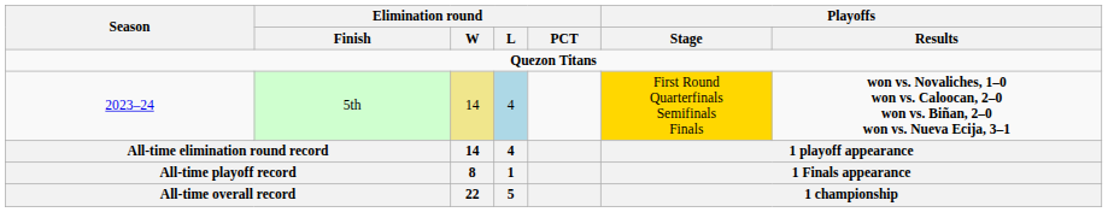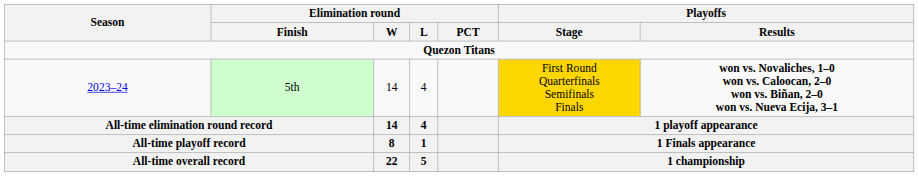 <table class=wikitable style="width:100%; text-align:center">
 <tr>
 <th rowspan=2>Season</th>
 <th colspan=4>Elimination round</th>
 <th colspan=2>Playoffs</th>
 </tr>
 <tr>
 <th>Finish</th>
 <th>W</th>
 <th>L</th>
 <th>PCT</th>
 <th>Stage</th>
 <th>Results</th>
 </tr>
 <tr>
 <td colspan=10><span><strong>Quezon Titans</strong></span></td>
 </tr>
 <tr>
 <td><a href='#'>2023–24</a> <br> </td>
 <td bgcolor="#CFFFCF">5th</td>
-<td style="background: khaki;">14</td>
-<td style="background: lightblue;">4</td>
+<td>14</td>
+<td>4</td>
 <td></td>
 <td style="background: gold;">First Round <br> Quarterfinals <br> Semifinals <br> Finals</td>
 <td><strong>won vs. Novaliches, 1–0</strong> <br> <strong>won vs. Caloocan, 2–0</strong> <br> <strong>won vs. Biñan, 2–0</strong> <br> <strong>won vs. Nueva Ecija, 3–1</strong></td>
 </tr>
 <tr>
 <th colspan="2">All-time elimination round record</th>
 <th>14</th>
 <th>4</th>
 <th></th>
 <th colspan=3>1 playoff appearance</th>
 </tr>
 <tr>
 <th colspan="2">All-time playoff record</th>
 <th>8</th>
 <th>1</th>
 <th></th>
 <th colspan=3>1 Finals appearance</th>
 </tr>
 <tr>
 <th colspan="2">All-time overall record</th>
 <th>22</th>
 <th>5</th>
 <th></th>
 <th colspan=3>1 championship</th>
 </tr>
 </table>
